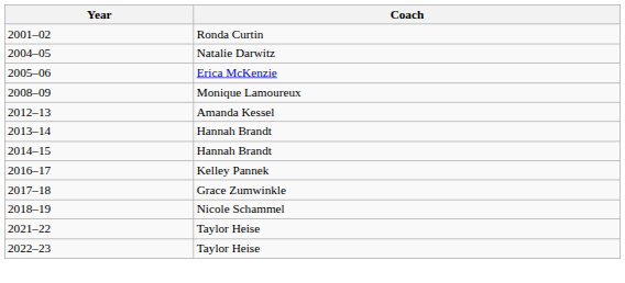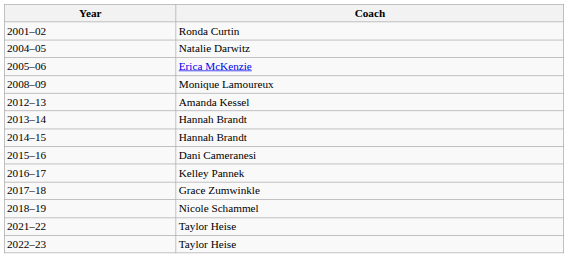 <table class="wikitable" style="width: 50em">
 <tr>
 <th>Year</th>
 <th>Coach</th>
 </tr>
 <tr>
 <td>2001–02</td>
 <td>Ronda Curtin</td>
 </tr>
 <tr>
 <td>2004–05</td>
 <td>Natalie Darwitz</td>
 </tr>
 <tr>
 <td>2005–06</td>
 <td><a href='#'>Erica McKenzie</a></td>
 </tr>
 <tr>
 <td>2008–09</td>
 <td>Monique Lamoureux</td>
 </tr>
 <tr>
 <td>2012–13</td>
 <td>Amanda Kessel</td>
 </tr>
 <tr>
 <td>2013–14</td>
 <td>Hannah Brandt</td>
 </tr>
 <tr>
 <td>2014–15</td>
 <td>Hannah Brandt</td>
 </tr>
 <tr>
+<td>2015–16</td>
+<td>Dani Cameranesi</td>
+</tr>
+<tr>
 <td>2016–17</td>
 <td>Kelley Pannek</td>
 </tr>
 <tr>
 <td>2017–18</td>
 <td>Grace Zumwinkle</td>
 </tr>
 <tr>
 <td>2018–19</td>
 <td>Nicole Schammel</td>
 </tr>
 <tr>
 <td>2021–22</td>
 <td>Taylor Heise</td>
 </tr>
 <tr>
 <td>2022–23</td>
 <td>Taylor Heise</td>
 </tr>
 </table>
